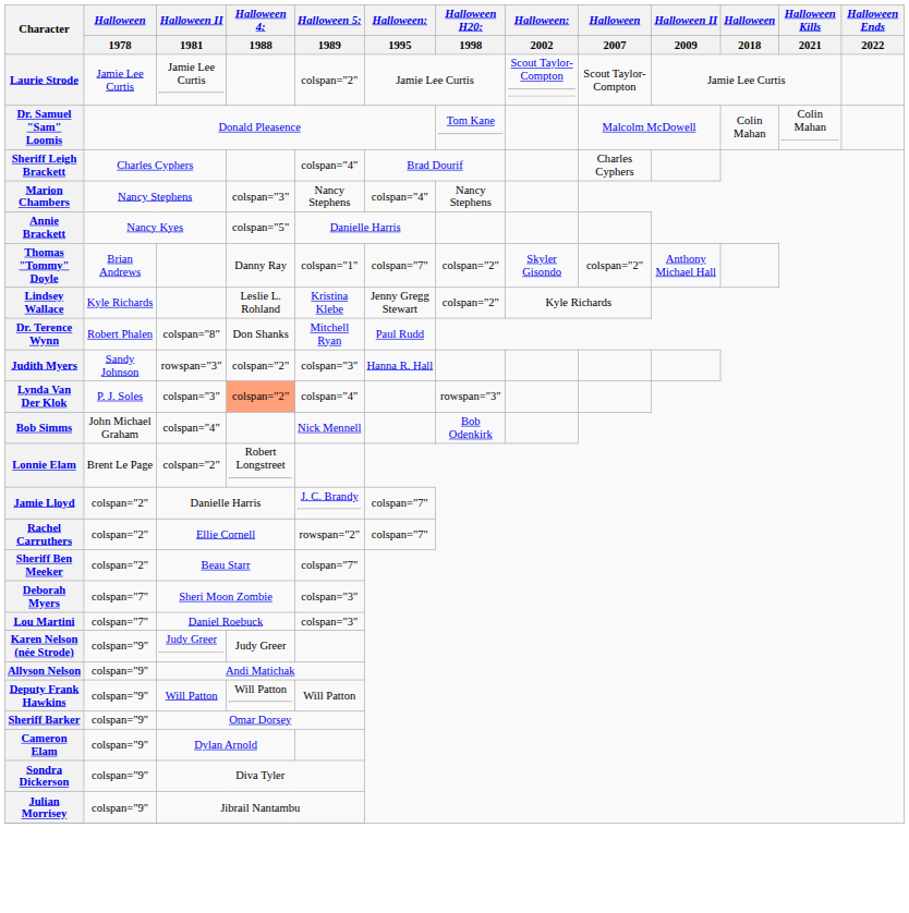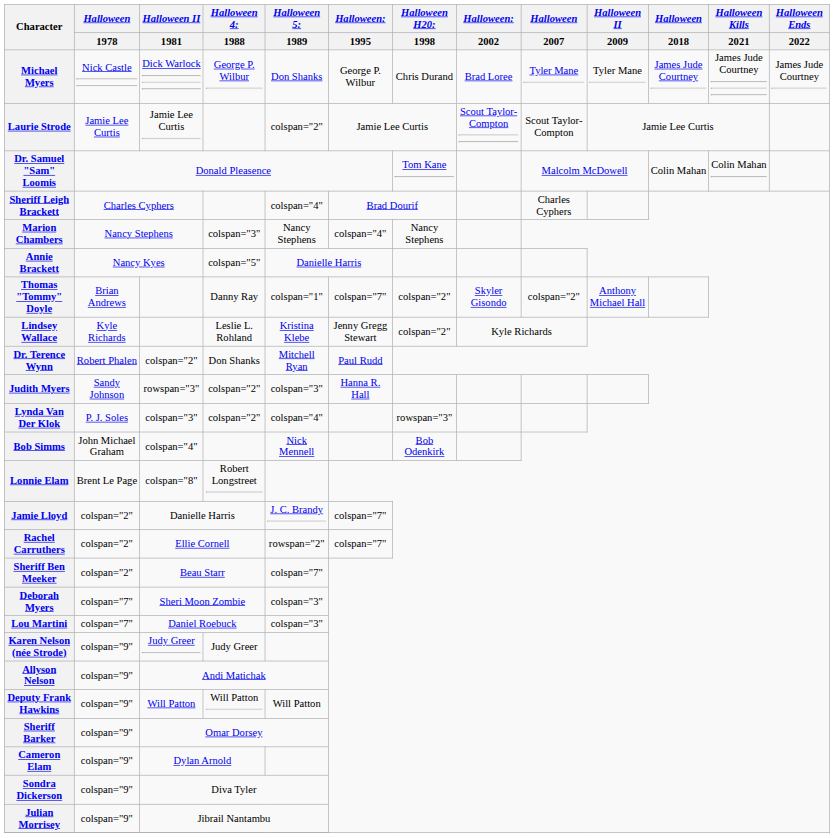 <table class="wikitable" style="text-align:center; width:99%;">
 <tr>
 <th rowspan="2">Character</th>
 <th style="text-align:center;"><em><a href='#'>Halloween</a></em></th>
 <th style="text-align:center;"><em><a href='#'>Halloween II</a></em></th>
 <th style="text-align:center;"><em><a href='#'>Halloween 4:<br></a></em></th>
 <th style="text-align:center;"><em><a href='#'>Halloween 5:<br></a></em></th>
 <th style="text-align:center;"><em><a href='#'>Halloween:<br></a></em></th>
 <th style="text-align:center;"><em><a href='#'>Halloween H20:<br></a></em></th>
 <th style="text-align:center;"><em><a href='#'>Halloween:<br></a></em></th>
 <th style="text-align:center;"><em><a href='#'>Halloween</a></em></th>
 <th style="text-align:center;"><em><a href='#'>Halloween II</a></em></th>
 <th style="text-align:center;"><em><a href='#'>Halloween</a></em></th>
 <th style="text-align:center;"><em><a href='#'>Halloween Kills</a></em></th>
 <th style="text-align:center;"><em><a href='#'>Halloween Ends</a></em></th>
 </tr>
 <tr>
 <th>1978</th>
 <th>1981</th>
 <th>1988</th>
 <th>1989</th>
 <th>1995</th>
 <th>1998</th>
 <th>2002</th>
 <th>2007</th>
 <th>2009</th>
 <th>2018</th>
 <th>2021</th>
 <th>2022</th>
+</tr>
+<tr>
+<th scope="row"><a href='#'>Michael Myers<br></a></th>
+<td><a href='#'>Nick Castle</a><hr><hr></td>
+<td><a href='#'>Dick Warlock</a><hr><hr><hr></td>
+<td><a href='#'>George P. Wilbur</a><hr></td>
+<td><a href='#'>Don Shanks</a></td>
+<td>George P. Wilbur</td>
+<td>Chris Durand</td>
+<td><a href='#'>Brad Loree</a></td>
+<td><a href='#'>Tyler Mane</a><hr></td>
+<td>Tyler Mane<hr></td>
+<td><a href='#'>James Jude Courtney</a><hr></td>
+<td>James Jude Courtney<hr><hr><hr></td>
+<td>James Jude Courtney<hr></td>
 </tr>
 <tr>
 <th><a href='#'>Laurie Strode</a></th>
 <td><a href='#'>Jamie Lee Curtis</a></td>
 <td>Jamie Lee Curtis<hr></td>
 <td></td>
 <td>colspan="2" </td>
 <td colspan="2">Jamie Lee Curtis</td>
 <td><a href='#'>Scout Taylor-Compton</a><hr><hr></td>
 <td>Scout Taylor-Compton</td>
 <td colspan="3">Jamie Lee Curtis</td>
 </tr>
 <tr>
 <th><a href='#'>Dr. Samuel "Sam" Loomis</a></th>
 <td colspan="5"><a href='#'>Donald Pleasence</a></td>
 <td><a href='#'>Tom Kane</a><hr></td>
 <td></td>
 <td colspan="2"><a href='#'>Malcolm McDowell</a></td>
 <td>Colin Mahan</td>
 <td>Colin Mahan<hr></td>
 <td></td>
 </tr>
 <tr>
 <th><a href='#'>Sheriff Leigh Brackett</a></th>
 <td colspan="2"><a href='#'>Charles Cyphers</a></td>
 <td></td>
 <td>colspan="4" </td>
 <td colspan="2"><a href='#'>Brad Dourif</a></td>
 <td></td>
 <td>Charles Cyphers</td>
 <td></td>
 </tr>
 <tr>
 <th><a href='#'>Marion Chambers</a></th>
 <td colspan="2"><a href='#'>Nancy Stephens</a></td>
 <td>colspan="3" </td>
 <td>Nancy Stephens</td>
 <td>colspan="4" </td>
 <td>Nancy Stephens</td>
 <td></td>
 </tr>
 <tr>
 <th><a href='#'>Annie Brackett</a></th>
 <td colspan="2"><a href='#'>Nancy Kyes</a></td>
 <td>colspan="5" </td>
 <td colspan="2"><a href='#'>Danielle Harris</a></td>
 <td></td>
 <td></td>
 <td></td>
 </tr>
 <tr>
 <th><a href='#'>Thomas "Tommy" Doyle</a></th>
 <td><a href='#'>Brian Andrews</a></td>
 <td></td>
 <td>Danny Ray</td>
 <td>colspan="1" </td>
 <td>colspan="7" </td>
 <td>colspan="2" </td>
 <td><a href='#'>Skyler Gisondo</a></td>
 <td>colspan="2" </td>
 <td><a href='#'>Anthony Michael Hall</a></td>
 <td></td>
 </tr>
 <tr>
 <th><a href='#'>Lindsey Wallace</a></th>
 <td><a href='#'>Kyle Richards</a></td>
 <td></td>
 <td>Leslie L. Rohland</td>
 <td><a href='#'>Kristina Klebe</a></td>
 <td>Jenny Gregg Stewart</td>
 <td>colspan="2" </td>
 <td colspan="2">Kyle Richards</td>
 </tr>
 <tr>
 <th><a href='#'>Dr. Terence Wynn</a></th>
 <td><a href='#'>Robert Phalen</a></td>
-<td>colspan="8" </td>
+<td>colspan="2" </td>
 <td>Don Shanks</td>
 <td><a href='#'>Mitchell Ryan</a></td>
 <td><a href='#'>Paul Rudd</a></td>
 </tr>
 <tr>
 <th><a href='#'>Judith Myers</a></th>
 <td><a href='#'>Sandy Johnson</a></td>
 <td>rowspan="3" </td>
 <td>colspan="2" </td>
 <td>colspan="3" </td>
 <td><a href='#'>Hanna R. Hall</a></td>
 <td></td>
 <td></td>
 <td></td>
 <td></td>
 </tr>
 <tr>
 <th><a href='#'>Lynda Van Der Klok</a></th>
 <td><a href='#'>P. J. Soles</a></td>
 <td>colspan="3" </td>
-<td style="background: lightsalmon;">colspan="2" </td>
+<td>colspan="2" </td>
 <td>colspan="4" </td>
 <td></td>
 <td>rowspan="3" </td>
 <td></td>
 <td></td>
 </tr>
 <tr>
 <th><a href='#'>Bob Simms</a></th>
 <td>John Michael Graham</td>
 <td>colspan="4" </td>
 <td></td>
 <td><a href='#'>Nick Mennell</a></td>
 <td></td>
 <td><a href='#'>Bob Odenkirk</a></td>
 <td></td>
 </tr>
 <tr>
 <th><a href='#'>Lonnie Elam</a></th>
 <td>Brent Le Page</td>
-<td>colspan="2" </td>
+<td>colspan="8" </td>
 <td>Robert Longstreet<hr></td>
 <td></td>
 </tr>
 <tr>
 <th><a href='#'>Jamie Lloyd</a></th>
 <td>colspan="2" </td>
 <td colspan="2">Danielle Harris</td>
 <td><a href='#'>J. C. Brandy</a><hr></td>
 <td>colspan="7" </td>
 </tr>
 <tr>
 <th><a href='#'>Rachel Carruthers</a></th>
 <td>colspan="2" </td>
 <td colspan="2"><a href='#'>Ellie Cornell</a></td>
 <td>rowspan="2" </td>
 <td>colspan="7" </td>
 </tr>
 <tr>
 <th><a href='#'>Sheriff Ben Meeker</a></th>
 <td>colspan="2" </td>
 <td colspan="2"><a href='#'>Beau Starr</a></td>
 <td>colspan="7" </td>
 </tr>
 <tr>
 <th><a href='#'>Deborah Myers</a></th>
 <td>colspan="7" </td>
 <td colspan="2"><a href='#'>Sheri Moon Zombie</a></td>
 <td>colspan="3" </td>
 </tr>
 <tr>
 <th><a href='#'>Lou Martini<br></a></th>
 <td>colspan="7" </td>
 <td colspan="2"><a href='#'>Daniel Roebuck</a></td>
 <td>colspan="3" </td>
 </tr>
 <tr>
 <th><a href='#'>Karen Nelson (née Strode)</a></th>
 <td>colspan="9" </td>
 <td><a href='#'>Judy Greer</a><hr></td>
 <td>Judy Greer</td>
 <td></td>
 </tr>
 <tr>
 <th><a href='#'>Allyson Nelson</a></th>
 <td>colspan="9" </td>
 <td colspan="3"><a href='#'>Andi Matichak</a></td>
 </tr>
 <tr>
 <th><a href='#'>Deputy Frank Hawkins</a></th>
 <td>colspan="9" </td>
 <td><a href='#'>Will Patton</a></td>
 <td>Will Patton<hr></td>
 <td>Will Patton</td>
 </tr>
 <tr>
 <th><a href='#'>Sheriff Barker</a></th>
 <td>colspan="9" </td>
 <td colspan="3"><a href='#'>Omar Dorsey</a></td>
 </tr>
 <tr>
 <th><a href='#'>Cameron Elam</a></th>
 <td>colspan="9" </td>
 <td colspan="2"><a href='#'>Dylan Arnold</a></td>
 <td></td>
 </tr>
 <tr>
 <th><a href='#'>Sondra Dickerson</a></th>
 <td>colspan="9" </td>
 <td colspan="3">Diva Tyler</td>
 </tr>
 <tr>
 <th><a href='#'>Julian Morrisey</a></th>
 <td>colspan="9" </td>
 <td colspan="3">Jibrail Nantambu</td>
 </tr>
 <tr>
 </tr>
 </table>
